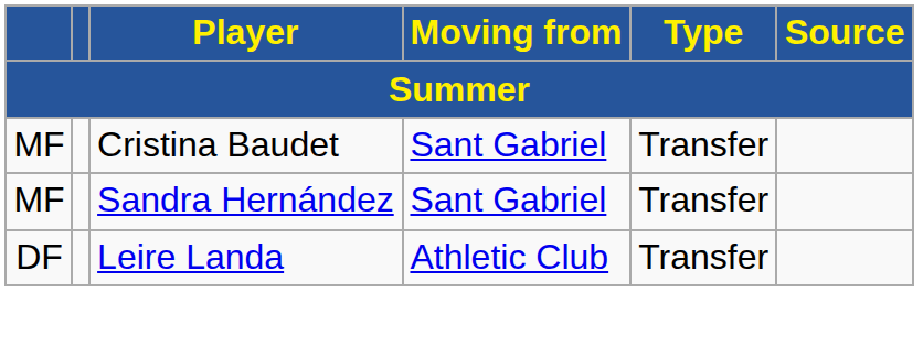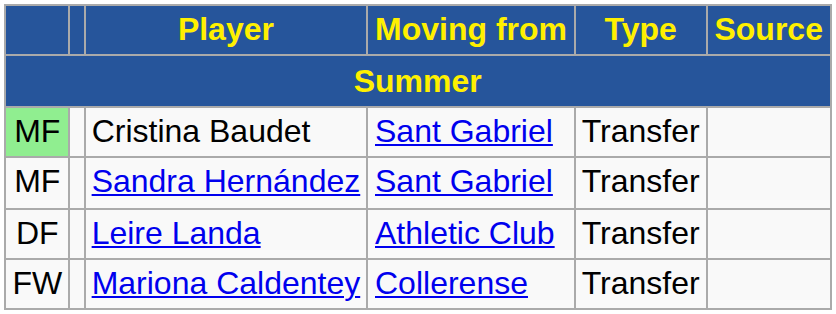 <table class="wikitable plainrowheaders sortable" style="text-align:center">
 <tr>
 <th style="background:#26559B; color:#FFF000; "></th>
 <th style="background:#26559B; color:#FFF000; "></th>
 <th style="background:#26559B; color:#FFF000; ">Player</th>
 <th style="background:#26559B; color:#FFF000; ">Moving from</th>
 <th style="background:#26559B; color:#FFF000; ">Type</th>
 <th style="background:#26559B; color:#FFF000; ">Source</th>
 </tr>
 <tr>
 <th colspan=6 style="background:#26559B; color:#FFF000; ">Summer</th>
 </tr>
 <tr>
-<td>MF</td>
+<td style="background: lightgreen;">MF</td>
 <td></td>
 <td align="left">Cristina Baudet</td>
 <td align="left"><a href='#'>Sant Gabriel</a></td>
 <td>Transfer</td>
 <td></td>
 </tr>
 <tr>
 <td>MF</td>
 <td></td>
 <td align="left"><a href='#'>Sandra Hernández</a></td>
 <td align="left"><a href='#'>Sant Gabriel</a></td>
 <td>Transfer</td>
 <td></td>
 </tr>
 <tr>
 <td>DF</td>
 <td></td>
 <td align="left"><a href='#'>Leire Landa</a></td>
 <td align="left"><a href='#'>Athletic Club</a></td>
 <td>Transfer</td>
 <td></td>
 </tr>
 <tr>
+<td>FW</td>
+<td></td>
+<td align="left"><a href='#'>Mariona Caldentey</a></td>
+<td align="left"><a href='#'>Collerense</a></td>
+<td>Transfer</td>
+<td></td>
+</tr>
+<tr>
 </tr>
 </table>
